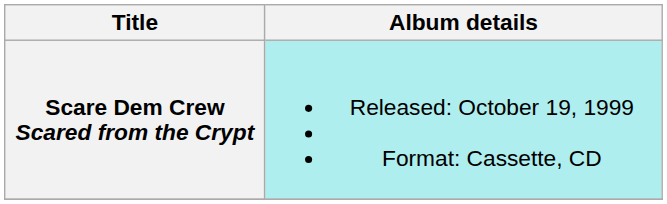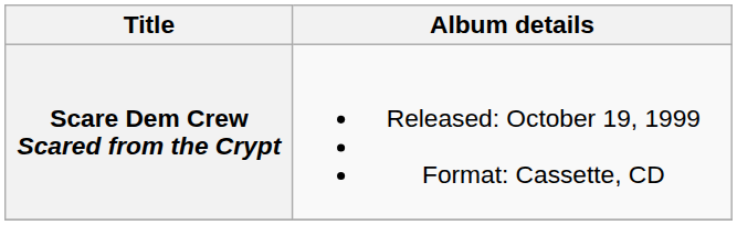 <table class="wikitable plainrowheaders" style="text-align:center;" border="1">
 <tr>
 <th scope="col" style="width:11em;">Title</th>
 <th scope="col" style="width:17em;">Album details</th>
 </tr>
 <tr>
 <th scope="row"><strong>Scare Dem Crew</strong><br><em>Scared from the Crypt</em></th>
-<td style="background: paleturquoise;"><br><ul><li>Released:  October 19, 1999</li><li></li><li>Format: Cassette, CD</li></ul></td>
+<td><br><ul><li>Released:  October 19, 1999</li><li></li><li>Format: Cassette, CD</li></ul></td>
 </tr>
 <tr>
 </tr>
 </table>
